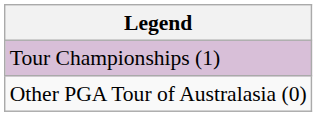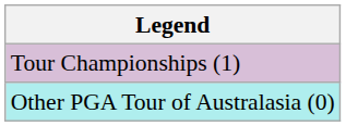 <table class="wikitable" style="font-size:95%;">
 <tr>
 <th>Legend</th>
 </tr>
 <tr style="background:thistle;">
 <td>Tour Championships (1)</td>
 </tr>
 <tr>
-<td>Other PGA Tour of Australasia (0)</td>
+<td style="background: paleturquoise;">Other PGA Tour of Australasia (0)</td>
 </tr>
 </table>
